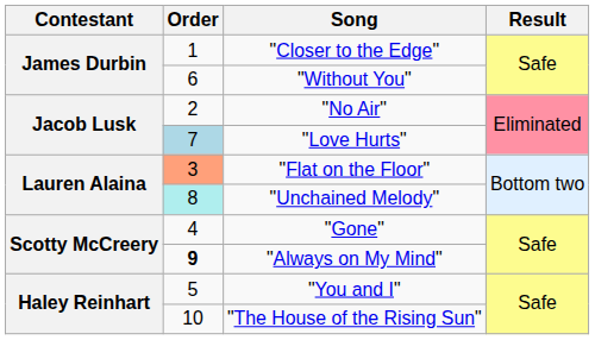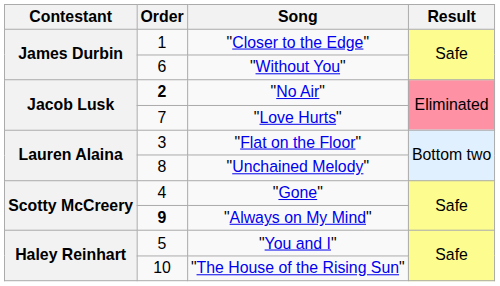 <table class="wikitable unsortable" style="text-align:center;">
 <tr>
 <th scope="col">Contestant</th>
 <th scope="col">Order</th>
 <th scope="col">Song</th>
 <th scope="col">Result</th>
 </tr>
 <tr>
 <th scope="row" rowspan="2">James Durbin</th>
 <td>1</td>
 <td>"<a href='#'>Closer to the Edge</a>"</td>
 <td rowspan="2" bgcolor="FDFC8F">Safe</td>
 </tr>
 <tr>
 <td>6</td>
 <td>"<a href='#'>Without You</a>"</td>
 </tr>
 <tr>
 <th scope="row" rowspan="2">Jacob Lusk</th>
-<td>2</td>
+<td><strong>2</strong></td>
 <td>"<a href='#'>No Air</a>"</td>
 <td rowspan="2" bgcolor="FF91A4">Eliminated</td>
 </tr>
 <tr>
-<td style="background: lightblue;">7</td>
+<td>7</td>
 <td>"<a href='#'>Love Hurts</a>"</td>
 </tr>
 <tr>
 <th scope="row" rowspan="2">Lauren Alaina</th>
-<td style="background: lightsalmon;">3</td>
+<td>3</td>
 <td>"<a href='#'>Flat on the Floor</a>"</td>
 <td rowspan="2" bgcolor="E0F0FF">Bottom two</td>
 </tr>
 <tr>
-<td style="background: paleturquoise;">8</td>
+<td>8</td>
 <td>"<a href='#'>Unchained Melody</a>"</td>
 </tr>
 <tr>
 <th scope="row" rowspan="2">Scotty McCreery</th>
 <td>4</td>
 <td>"<a href='#'>Gone</a>"</td>
 <td rowspan="2" bgcolor="FDFC8F">Safe</td>
 </tr>
 <tr>
 <td><strong>9</strong></td>
 <td>"<a href='#'>Always on My Mind</a>"</td>
 </tr>
 <tr>
 <th scope="row" rowspan="2">Haley Reinhart</th>
 <td>5</td>
 <td>"<a href='#'>You and I</a>"</td>
 <td rowspan="2" bgcolor="FDFC8F">Safe</td>
 </tr>
 <tr>
 <td>10</td>
 <td>"<a href='#'>The House of the Rising Sun</a>"</td>
 </tr>
 </table>
